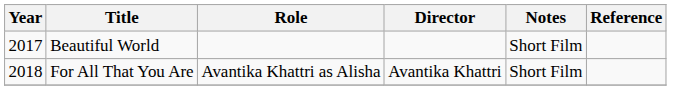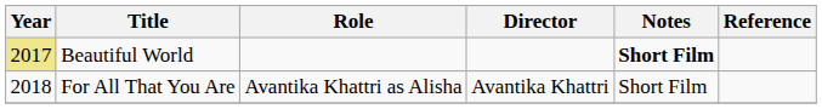 <table class="wikitable sortable">
 <tr>
 <th>Year</th>
 <th>Title</th>
 <th>Role</th>
 <th>Director</th>
 <th class="unsortable">Notes</th>
 <th>Reference</th>
 </tr>
 <tr>
-<td>2017</td>
+<td style="background: khaki;">2017</td>
 <td>Beautiful World</td>
 <td></td>
 <td></td>
-<td>Short Film</td>
+<td><strong>Short Film</strong></td>
 <td></td>
 </tr>
 <tr>
 <td>2018</td>
 <td>For All That You Are</td>
 <td>Avantika Khattri as Alisha</td>
 <td>Avantika Khattri</td>
 <td>Short Film</td>
 <td></td>
 </tr>
 <tr>
 </tr>
 </table>
